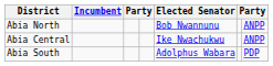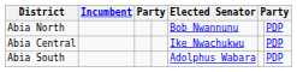 <table class="sortable wikitable" style="font-size:95%;line-height:14px;">
 <tr>
 <th class="unsortable">District</th>
 <th class="unsortable"><a href='#'>Incumbent</a></th>
 <th colspan="2">Party</th>
 <th class="unsortable">Elected Senator</th>
 <th colspan="2">Party</th>
 </tr>
 <tr>
 <td>Abia North</td>
 <td></td>
 <td></td>
 <td></td>
 <td><a href='#'>Bob Nwannunu</a></td>
 <td style="background:"></td>
-<td><a href='#'>ANPP</a></td>
+<td><a href='#'>PDP</a></td>
 </tr>
 <tr>
 <td>Abia Central</td>
 <td></td>
 <td></td>
 <td></td>
 <td><a href='#'>Ike Nwachukwu</a></td>
 <td style="background:"></td>
-<td><a href='#'>ANPP</a></td>
+<td><a href='#'>PDP</a></td>
 </tr>
 <tr>
 <td>Abia South</td>
 <td></td>
 <td></td>
 <td></td>
 <td><a href='#'>Adolphus Wabara</a></td>
 <td style="background:"></td>
 <td><a href='#'>PDP</a></td>
 </tr>
 </table>
